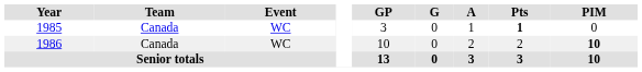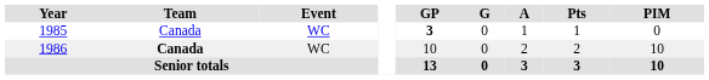 <table border="0" cellpadding="1" cellspacing="0" style="text-align:center; width:50em">
 <tr ALIGN="center" bgcolor="#e0e0e0">
 <th>Year</th>
 <th>Team</th>
 <th>Event</th>
 <th rowspan="99" bgcolor="#ffffff"> </th>
 <th>GP</th>
 <th>G</th>
 <th>A</th>
 <th>Pts</th>
 <th>PIM</th>
 </tr>
 <tr>
 <td><a href='#'>1985</a></td>
 <td><a href='#'>Canada</a></td>
 <td><a href='#'>WC</a></td>
-<td>3</td>
+<td><strong>3</strong></td>
 <td>0</td>
 <td>1</td>
-<td><strong>1</strong></td>
+<td>1</td>
 <td>0</td>
 </tr>
 <tr bgcolor="#f0f0f0">
 <td><a href='#'>1986</a></td>
-<td>Canada</td>
+<td><strong>Canada</strong></td>
 <td>WC</td>
 <td>10</td>
 <td>0</td>
 <td>2</td>
 <td>2</td>
-<td><strong>10</strong></td>
+<td>10</td>
 </tr>
 <tr bgcolor="#e0e0e0">
 <th colspan="3">Senior totals</th>
 <th>13</th>
 <th>0</th>
 <th>3</th>
 <th>3</th>
 <th>10</th>
 </tr>
 </table>
